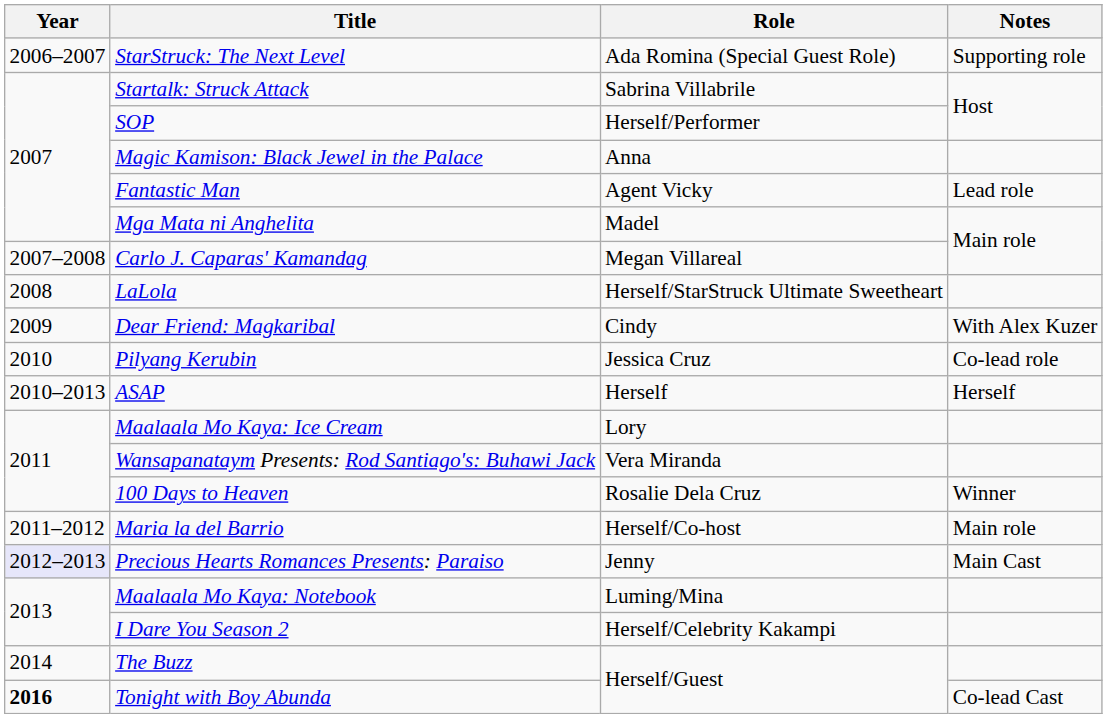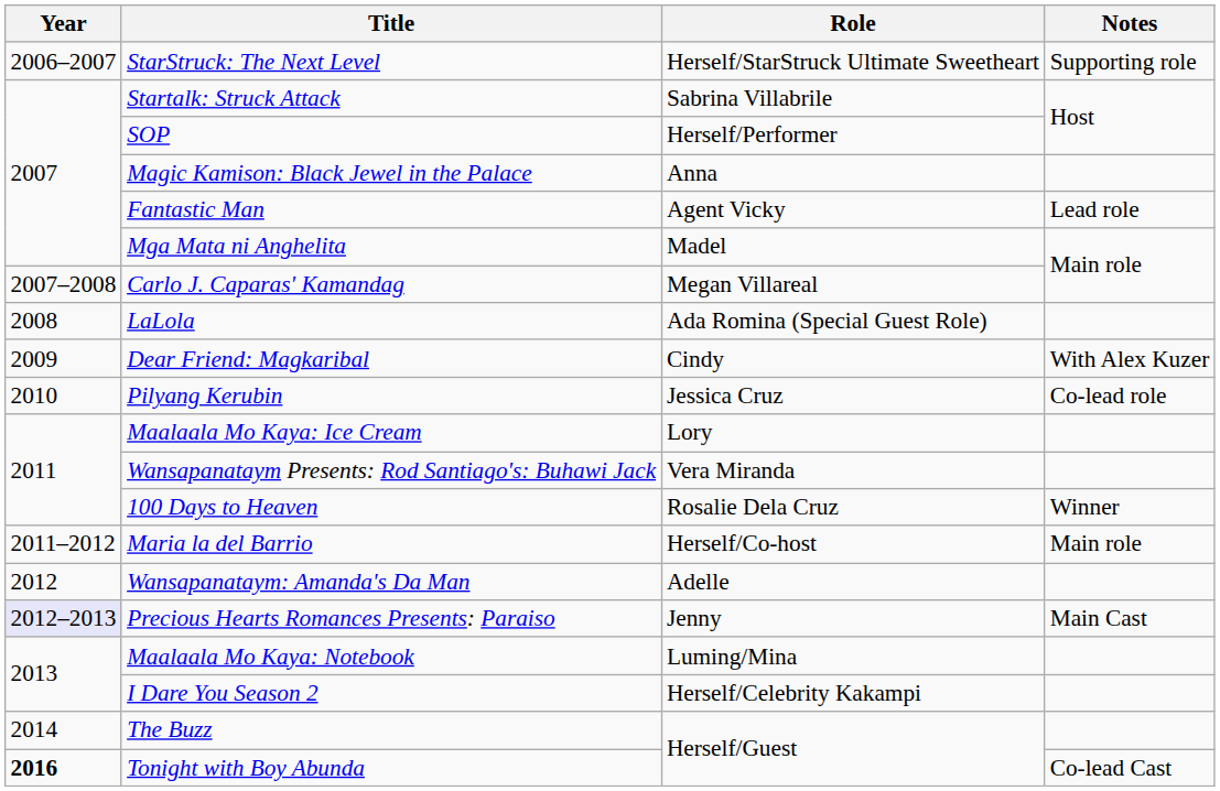 <table class="wikitable sortable">
 <tr>
 <th>Year</th>
 <th>Title</th>
 <th>Role</th>
 <th>Notes<br>     </th>
 </tr>
 <tr>
 <td>2006–2007</td>
 <td><em><a href='#'>StarStruck: The Next Level</a></em></td>
-<td>Ada Romina (Special Guest Role)</td>
+<td>Herself/StarStruck Ultimate Sweetheart</td>
 <td>Supporting role</td>
 </tr>
 <tr>
 <td rowspan="5">2007</td>
 <td><em><a href='#'>Startalk: Struck Attack</a></em></td>
 <td>Sabrina Villabrile</td>
 <td rowspan="2">Host</td>
 </tr>
 <tr>
 <td><em><a href='#'>SOP</a></em></td>
 <td>Herself/Performer</td>
 </tr>
 <tr>
 <td><em><a href='#'>Magic Kamison: Black Jewel in the Palace</a></em></td>
 <td>Anna</td>
 <td></td>
 </tr>
 <tr>
 <td><em><a href='#'>Fantastic Man</a></em></td>
 <td>Agent Vicky </td>
 <td>Lead role</td>
 </tr>
 <tr>
 <td><em><a href='#'>Mga Mata ni Anghelita</a></em></td>
 <td>Madel</td>
 <td rowspan="2">Main role</td>
 </tr>
 <tr>
 <td>2007–2008</td>
 <td><em><a href='#'>Carlo J. Caparas' Kamandag</a></em></td>
 <td>Megan Villareal</td>
 </tr>
 <tr>
 <td>2008</td>
 <td><em><a href='#'>LaLola</a></em></td>
-<td>Herself/StarStruck Ultimate Sweetheart</td>
+<td>Ada Romina (Special Guest Role)</td>
 <td></td>
 </tr>
 <tr>
 <td>2009</td>
 <td><em><a href='#'>Dear Friend: Magkaribal</a></em></td>
 <td>Cindy</td>
 <td>With Alex Kuzer</td>
 </tr>
 <tr>
 <td>2010</td>
 <td><em><a href='#'>Pilyang Kerubin</a></em></td>
 <td>Jessica Cruz</td>
 <td>Co-lead role</td>
-</tr>
-<tr>
-<td>2010–2013</td>
-<td><em><a href='#'>ASAP</a></em></td>
-<td>Herself</td>
-<td>Herself</td>
 </tr>
 <tr>
 <td rowspan="3">2011</td>
 <td><em><a href='#'>Maalaala Mo Kaya: Ice Cream</a></em></td>
 <td>Lory</td>
 <td></td>
 </tr>
 <tr>
 <td><em><a href='#'>Wansapanataym</a> Presents: <a href='#'>Rod Santiago's: Buhawi Jack</a></em></td>
 <td>Vera Miranda</td>
 <td></td>
 </tr>
 <tr>
 <td><em><a href='#'>100 Days to Heaven</a></em></td>
 <td>Rosalie Dela Cruz</td>
 <td>Winner<br></td>
 </tr>
 <tr>
 <td>2011–2012</td>
 <td><em><a href='#'>Maria la del Barrio</a></em></td>
 <td>Herself/Co-host</td>
 <td>Main role</td>
+</tr>
+<tr>
+<td>2012</td>
+<td><em><a href='#'>Wansapanataym: Amanda's Da Man</a></em></td>
+<td>Adelle</td>
+<td></td>
 </tr>
 <tr>
 <td style="background: lavender;">2012–2013</td>
 <td><em><a href='#'>Precious Hearts Romances Presents</a>: <a href='#'>Paraiso</a></em></td>
 <td>Jenny</td>
 <td>Main Cast</td>
 </tr>
 <tr>
 <td rowspan="2">2013</td>
 <td><em><a href='#'>Maalaala Mo Kaya: Notebook</a></em></td>
 <td>Luming/Mina</td>
 <td></td>
 </tr>
 <tr>
 <td><em><a href='#'>I Dare You Season 2</a></em></td>
 <td>Herself/Celebrity Kakampi</td>
 <td></td>
 </tr>
 <tr>
 <td>2014</td>
 <td><em><a href='#'>The Buzz</a></em></td>
 <td rowspan="2">Herself/Guest</td>
 <td></td>
 </tr>
 <tr>
 <td><strong>2016</strong></td>
 <td><em><a href='#'>Tonight with Boy Abunda</a></em></td>
 <td>Co-lead Cast</td>
 </tr>
 </table>
